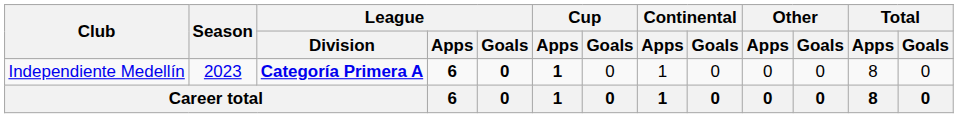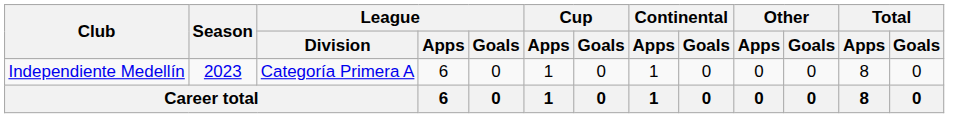 <table class=wikitable style=text-align:center>
 <tr>
 <th rowspan="2">Club</th>
 <th rowspan="2">Season</th>
 <th colspan="3">League</th>
 <th colspan="2">Cup</th>
 <th colspan="2">Continental</th>
 <th colspan="2">Other</th>
 <th colspan="2">Total</th>
 </tr>
 <tr>
 <th>Division</th>
 <th>Apps</th>
 <th>Goals</th>
 <th>Apps</th>
 <th>Goals</th>
 <th>Apps</th>
 <th>Goals</th>
 <th>Apps</th>
 <th>Goals</th>
 <th>Apps</th>
 <th>Goals</th>
 </tr>
 <tr>
 <td><a href='#'>Independiente Medellín</a></td>
 <td><a href='#'>2023</a></td>
-<td><strong><a href='#'>Categoría Primera A</a></strong></td>
-<td><strong>6</strong></td>
-<td><strong>0</strong></td>
-<td><strong>1</strong></td>
+<td><a href='#'>Categoría Primera A</a></td>
+<td>6</td>
+<td>0</td>
+<td>1</td>
 <td>0</td>
 <td>1</td>
 <td>0</td>
 <td>0</td>
 <td>0</td>
 <td>8</td>
 <td>0</td>
 </tr>
 <tr>
 <th colspan="3"><strong>Career total</strong></th>
 <th>6</th>
 <th>0</th>
 <th>1</th>
 <th>0</th>
 <th>1</th>
 <th>0</th>
 <th>0</th>
 <th>0</th>
 <th>8</th>
 <th>0</th>
 </tr>
 </table>
